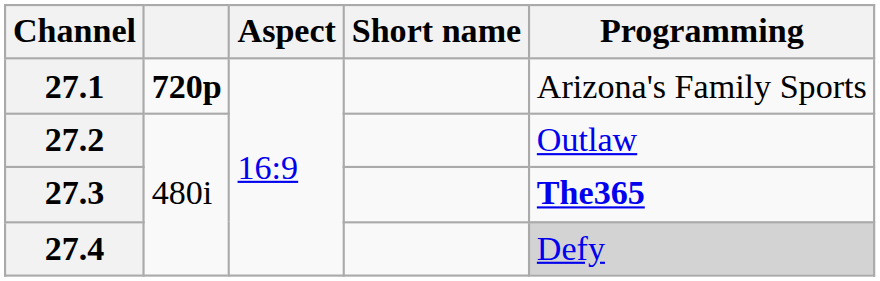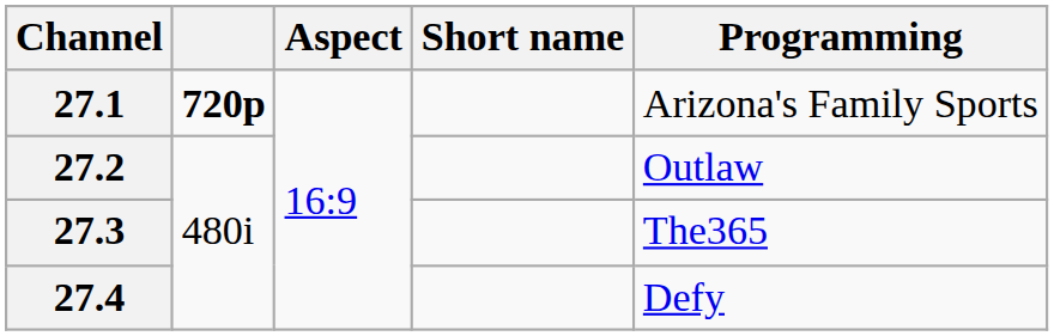 <table class="wikitable">
 <tr>
 <th scope = "col">Channel</th>
 <th scope = "col"></th>
 <th scope = "col">Aspect</th>
 <th scope = "col">Short name</th>
 <th scope = "col">Programming</th>
 </tr>
 <tr>
 <th scope = "row">27.1</th>
 <td><strong>720p</strong></td>
 <td rowspan=4><a href='#'>16:9</a></td>
 <td></td>
 <td>Arizona's Family Sports</td>
 </tr>
 <tr>
 <th scope = "row">27.2</th>
 <td rowspan=3>480i</td>
 <td></td>
 <td><a href='#'>Outlaw</a></td>
 </tr>
 <tr>
 <th scope = "row">27.3</th>
 <td></td>
-<td><strong><a href='#'>The365</a></strong></td>
+<td><a href='#'>The365</a></td>
 </tr>
 <tr>
 <th scope = "row">27.4</th>
 <td></td>
-<td style="background: lightgrey;"><a href='#'>Defy</a></td>
+<td><a href='#'>Defy</a></td>
 </tr>
 </table>
